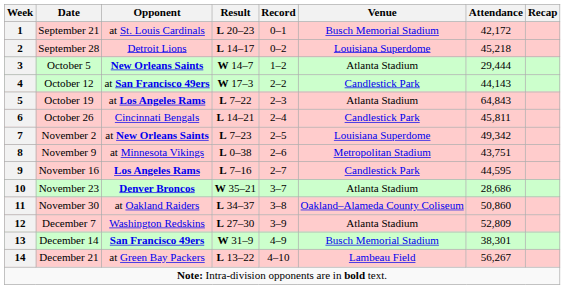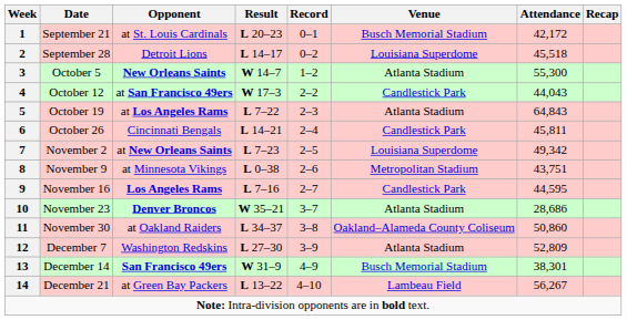 <table class="wikitable" style="text-align:center">
 <tr>
 <th>Week</th>
 <th>Date</th>
 <th>Opponent</th>
 <th>Result</th>
 <th>Record</th>
 <th>Venue</th>
 <th>Attendance</th>
 <th>Recap</th>
 </tr>
 <tr style="background:#fcc">
 <th>1</th>
 <td>September 21</td>
 <td>at <a href='#'>St. Louis Cardinals</a></td>
 <td><strong>L</strong> 20–23</td>
 <td>0–1</td>
 <td><a href='#'>Busch Memorial Stadium</a></td>
 <td>42,172</td>
 <td></td>
 </tr>
 <tr style="background:#fcc">
 <th>2</th>
 <td>September 28</td>
 <td><a href='#'>Detroit Lions</a></td>
 <td><strong>L</strong> 14–17</td>
 <td>0–2</td>
 <td><a href='#'>Louisiana Superdome</a></td>
-<td>45,218</td>
+<td>45,518</td>
 <td></td>
 </tr>
 <tr style="background:#cfc">
 <th>3</th>
 <td>October 5</td>
 <td><strong><a href='#'>New Orleans Saints</a></strong></td>
 <td><strong>W</strong> 14–7</td>
 <td>1–2</td>
 <td>Atlanta Stadium</td>
-<td>29,444</td>
+<td>55,300</td>
 <td></td>
 </tr>
 <tr style="background:#cfc">
 <th>4</th>
 <td>October 12</td>
 <td>at <strong><a href='#'>San Francisco 49ers</a></strong></td>
 <td><strong>W</strong> 17–3</td>
 <td>2–2</td>
 <td><a href='#'>Candlestick Park</a></td>
-<td>44,143</td>
+<td>44,043</td>
 <td></td>
 </tr>
 <tr style="background:#fcc">
 <th>5</th>
 <td>October 19</td>
 <td>at <strong><a href='#'>Los Angeles Rams</a></strong></td>
 <td><strong>L</strong> 7–22</td>
 <td>2–3</td>
 <td>Atlanta Stadium</td>
 <td>64,843</td>
 <td></td>
 </tr>
 <tr style="background:#fcc">
 <th>6</th>
 <td>October 26</td>
 <td><a href='#'>Cincinnati Bengals</a></td>
 <td><strong>L</strong> 14–21</td>
 <td>2–4</td>
 <td><a href='#'>Candlestick Park</a></td>
 <td>45,811</td>
 <td></td>
 </tr>
 <tr style="background:#fcc">
 <th>7</th>
 <td>November 2</td>
 <td>at <strong><a href='#'>New Orleans Saints</a></strong></td>
 <td><strong>L</strong> 7–23</td>
 <td>2–5</td>
 <td><a href='#'>Louisiana Superdome</a></td>
 <td>49,342</td>
 <td></td>
 </tr>
 <tr style="background:#fcc">
 <th>8</th>
 <td>November 9</td>
 <td>at <a href='#'>Minnesota Vikings</a></td>
 <td><strong>L</strong> 0–38</td>
 <td>2–6</td>
 <td><a href='#'>Metropolitan Stadium</a></td>
 <td>43,751</td>
 <td></td>
 </tr>
 <tr style="background:#fcc">
 <th>9</th>
 <td>November 16</td>
 <td><strong><a href='#'>Los Angeles Rams</a></strong></td>
 <td><strong>L</strong> 7–16</td>
 <td>2–7</td>
 <td><a href='#'>Candlestick Park</a></td>
 <td>44,595</td>
 <td></td>
 </tr>
 <tr style="background:#cfc">
 <th>10</th>
 <td>November 23</td>
 <td><strong><a href='#'>Denver Broncos</a></strong></td>
 <td><strong>W</strong> 35–21</td>
 <td>3–7</td>
 <td>Atlanta Stadium</td>
 <td>28,686</td>
 <td></td>
 </tr>
 <tr style="background:#fcc">
 <th>11</th>
 <td>November 30</td>
 <td>at <a href='#'>Oakland Raiders</a></td>
 <td><strong>L</strong> 34–37 </td>
 <td>3–8</td>
 <td><a href='#'>Oakland–Alameda County Coliseum</a></td>
 <td>50,860</td>
 <td></td>
 </tr>
 <tr style="background:#fcc">
 <th>12</th>
 <td>December 7</td>
 <td><a href='#'>Washington Redskins</a></td>
 <td><strong>L</strong> 27–30</td>
 <td>3–9</td>
 <td>Atlanta Stadium</td>
 <td>52,809</td>
 <td></td>
 </tr>
 <tr style="background:#cfc">
 <th>13</th>
 <td>December 14</td>
 <td><strong><a href='#'>San Francisco 49ers</a></strong></td>
 <td><strong>W</strong> 31–9</td>
 <td>4–9</td>
 <td><a href='#'>Busch Memorial Stadium</a></td>
 <td>38,301</td>
 <td></td>
 </tr>
 <tr style="background:#fcc">
 <th>14</th>
 <td>December 21</td>
 <td>at <a href='#'>Green Bay Packers</a></td>
 <td><strong>L</strong> 13–22</td>
 <td>4–10</td>
 <td><a href='#'>Lambeau Field</a></td>
 <td>56,267</td>
 <td></td>
 </tr>
 <tr>
 <td colspan="8"><strong>Note:</strong> Intra-division opponents are in <strong>bold</strong> text.</td>
 </tr>
 </table>
